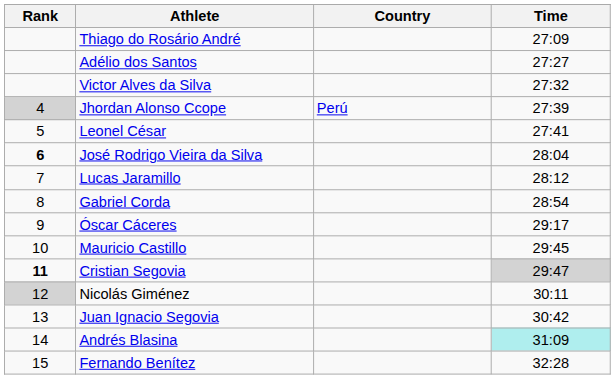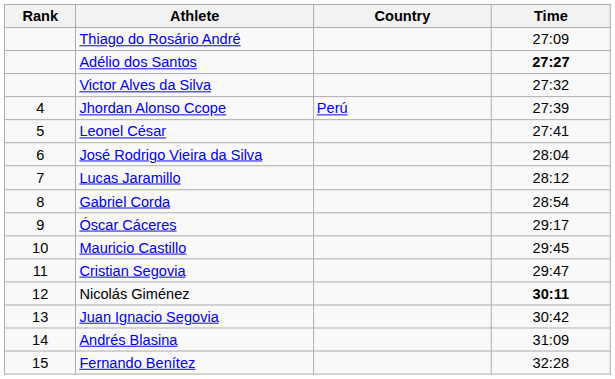 <table class="wikitable sortable" style=" text-align:center; font-size:95%;" width="50%">
 <tr>
 </tr>
 <tr>
 <th width=5%>Rank</th>
 <th width=20%>Athlete</th>
 <th width=15%>Country</th>
 <th width=10%>Time</th>
 </tr>
 <tr>
 <td align=center></td>
 <td align=left><a href='#'>Thiago do Rosário André</a></td>
 <td align=left></td>
 <td>27:09</td>
 </tr>
 <tr>
 <td align=center></td>
 <td align=left><a href='#'>Adélio dos Santos</a></td>
 <td align=left></td>
-<td>27:27</td>
+<td><strong>27:27</strong></td>
 </tr>
 <tr>
 <td align=center></td>
 <td align=left><a href='#'>Victor Alves da Silva</a></td>
 <td align=left></td>
 <td>27:32</td>
 </tr>
 <tr>
-<td align=center style="background: lightgrey;">4</td>
+<td align=center>4</td>
 <td align=left><a href='#'>Jhordan Alonso Ccope</a></td>
 <td align=left> <a href='#'>Perú</a></td>
 <td>27:39</td>
 </tr>
 <tr>
 <td align=center>5</td>
 <td align=left><a href='#'>Leonel César</a></td>
 <td align=left></td>
 <td>27:41</td>
 </tr>
 <tr>
-<td align=center><strong>6</strong></td>
+<td align=center>6</td>
 <td align=left><a href='#'>José Rodrigo Vieira da Silva</a></td>
 <td align=left></td>
 <td>28:04</td>
 </tr>
 <tr>
 <td align=center>7</td>
 <td align=left><a href='#'>Lucas Jaramillo</a></td>
 <td align=left></td>
 <td>28:12</td>
 </tr>
 <tr>
 <td align=center>8</td>
 <td align=left><a href='#'>Gabriel Corda</a></td>
 <td align=left></td>
 <td>28:54</td>
 </tr>
 <tr>
 <td align=center>9</td>
 <td align=left><a href='#'>Óscar Cáceres</a></td>
 <td align=left></td>
 <td>29:17</td>
 </tr>
 <tr>
 <td align=center>10</td>
 <td align=left><a href='#'>Mauricio Castillo</a></td>
 <td align=left></td>
 <td>29:45</td>
 </tr>
 <tr>
-<td align=center><strong>11</strong></td>
+<td align=center>11</td>
 <td align=left><a href='#'>Cristian Segovia</a></td>
 <td align=left></td>
-<td style="background: lightgrey;">29:47</td>
+<td>29:47</td>
 </tr>
 <tr>
-<td align=center style="background: lightgrey;">12</td>
+<td align=center>12</td>
 <td align=left>Nicolás Giménez</td>
 <td align=left></td>
-<td>30:11</td>
+<td><strong>30:11</strong></td>
 </tr>
 <tr>
 <td align=center>13</td>
 <td align=left><a href='#'>Juan Ignacio Segovia</a></td>
 <td align=left></td>
 <td>30:42</td>
 </tr>
 <tr>
 <td align=center>14</td>
 <td align=left><a href='#'>Andrés Blasina</a></td>
 <td align=left></td>
-<td style="background: paleturquoise;">31:09</td>
+<td>31:09</td>
 </tr>
 <tr>
 <td align=center>15</td>
 <td align=left><a href='#'>Fernando Benítez</a></td>
 <td align=left></td>
 <td>32:28</td>
 </tr>
 </table>
